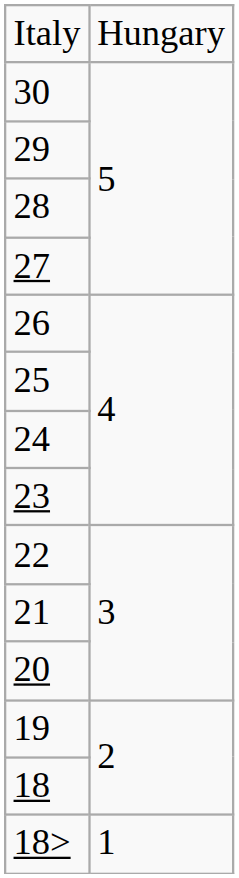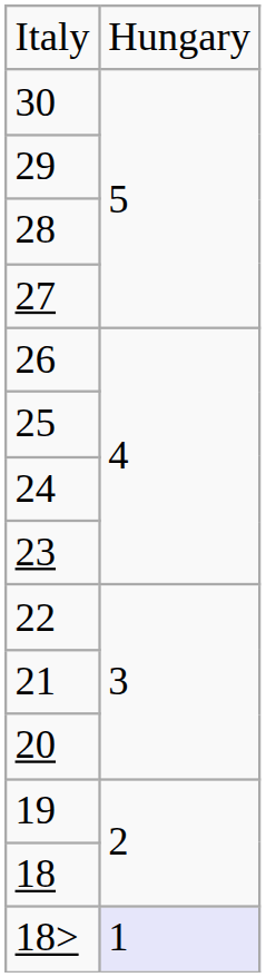 <table class="wikitable">
 <tr>
 <td>Italy</td>
 <td>Hungary</td>
 </tr>
 <tr>
 <td>30</td>
 <td rowspan="4">5</td>
 </tr>
 <tr>
 <td>29</td>
 </tr>
 <tr>
 <td>28</td>
 </tr>
 <tr>
 <td><u>27</u></td>
 </tr>
 <tr>
 <td>26</td>
 <td rowspan="4">4</td>
 </tr>
 <tr>
 <td>25</td>
 </tr>
 <tr>
 <td>24</td>
 </tr>
 <tr>
 <td><u>23</u></td>
 </tr>
 <tr>
 <td>22</td>
 <td rowspan="3">3</td>
 </tr>
 <tr>
 <td>21</td>
 </tr>
 <tr>
 <td><u>20</u></td>
 </tr>
 <tr>
 <td>19</td>
 <td rowspan="2">2</td>
 </tr>
 <tr>
 <td><u>18</u></td>
 </tr>
 <tr>
 <td><u>18></u></td>
-<td>1</td>
+<td style="background: lavender;">1</td>
 </tr>
 </table>
